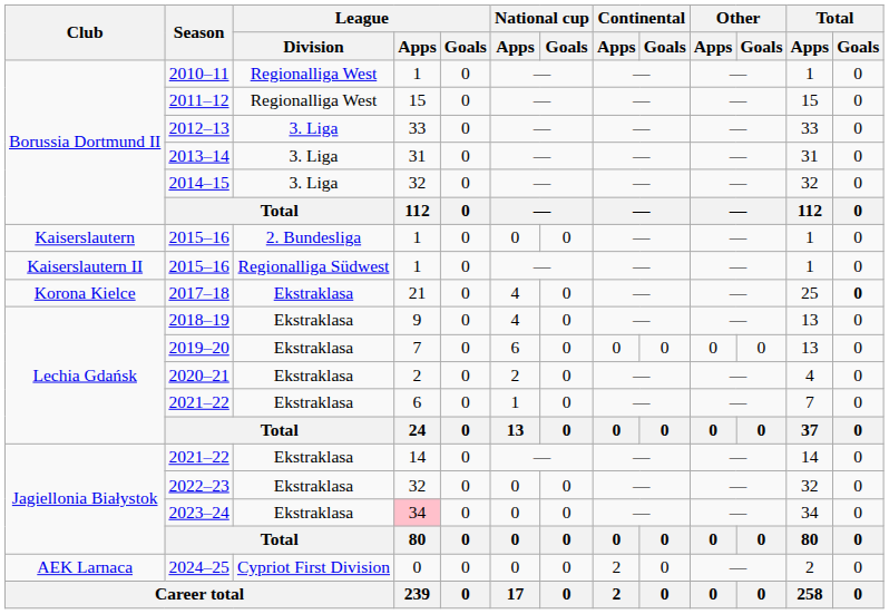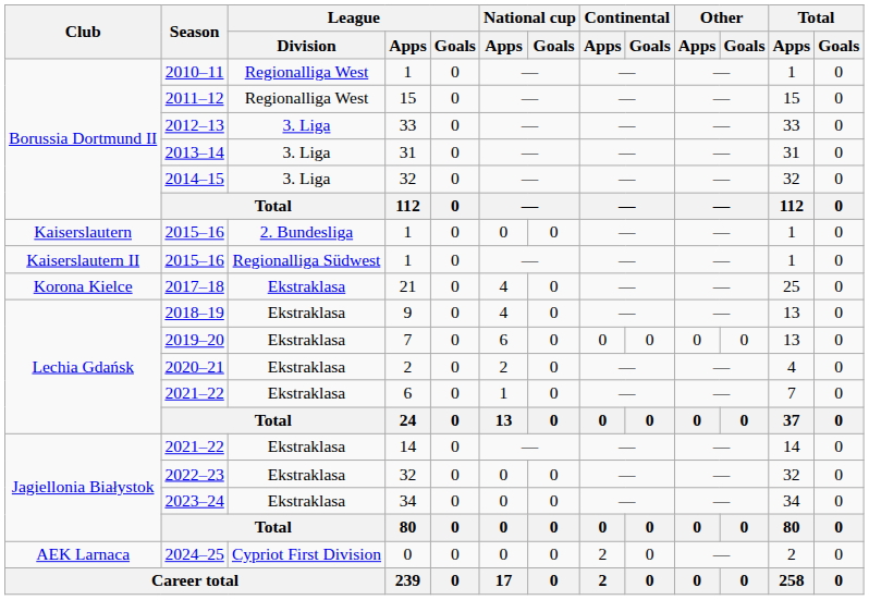 <table class="wikitable" style="text-align: center;">
 <tr>
 <th rowspan=2>Club</th>
 <th rowspan=2>Season</th>
 <th colspan=3>League</th>
 <th colspan=2>National cup</th>
 <th colspan=2>Continental</th>
 <th colspan=2>Other</th>
 <th colspan=2>Total</th>
 </tr>
 <tr>
 <th>Division</th>
 <th>Apps</th>
 <th>Goals</th>
 <th>Apps</th>
 <th>Goals</th>
 <th>Apps</th>
 <th>Goals</th>
 <th>Apps</th>
 <th>Goals</th>
 <th>Apps</th>
 <th>Goals</th>
 </tr>
 <tr>
 <td rowspan="6"><a href='#'>Borussia Dortmund II</a></td>
 <td><a href='#'>2010–11</a></td>
 <td><a href='#'>Regionalliga West</a></td>
 <td>1</td>
 <td>0</td>
 <td colspan="2">—</td>
 <td colspan="2">—</td>
 <td colspan="2">—</td>
 <td>1</td>
 <td>0</td>
 </tr>
 <tr>
 <td><a href='#'>2011–12</a></td>
 <td>Regionalliga West</td>
 <td>15</td>
 <td>0</td>
 <td colspan="2">—</td>
 <td colspan="2">—</td>
 <td colspan="2">—</td>
 <td>15</td>
 <td>0</td>
 </tr>
 <tr>
 <td><a href='#'>2012–13</a></td>
 <td><a href='#'>3. Liga</a></td>
 <td>33</td>
 <td>0</td>
 <td colspan="2">—</td>
 <td colspan="2">—</td>
 <td colspan="2">—</td>
 <td>33</td>
 <td>0</td>
 </tr>
 <tr>
 <td><a href='#'>2013–14</a></td>
 <td>3. Liga</td>
 <td>31</td>
 <td>0</td>
 <td colspan="2">—</td>
 <td colspan="2">—</td>
 <td colspan="2">—</td>
 <td>31</td>
 <td>0</td>
 </tr>
 <tr>
 <td><a href='#'>2014–15</a></td>
 <td>3. Liga</td>
 <td>32</td>
 <td>0</td>
 <td colspan="2">—</td>
 <td colspan="2">—</td>
 <td colspan="2">—</td>
 <td>32</td>
 <td>0</td>
 </tr>
 <tr>
 <th colspan="2">Total</th>
 <th>112</th>
 <th>0</th>
 <th colspan="2">—</th>
 <th colspan="2">—</th>
 <th colspan="2">—</th>
 <th>112</th>
 <th>0</th>
 </tr>
 <tr>
 <td><a href='#'>Kaiserslautern</a></td>
 <td><a href='#'>2015–16</a></td>
 <td><a href='#'>2. Bundesliga</a></td>
 <td>1</td>
 <td>0</td>
 <td>0</td>
 <td>0</td>
 <td colspan="2">—</td>
 <td colspan="2">—</td>
 <td>1</td>
 <td>0</td>
 </tr>
 <tr>
 <td><a href='#'>Kaiserslautern II</a></td>
 <td><a href='#'>2015–16</a></td>
 <td><a href='#'>Regionalliga Südwest</a></td>
 <td>1</td>
 <td>0</td>
 <td colspan="2">—</td>
 <td colspan="2">—</td>
 <td colspan="2">—</td>
 <td>1</td>
 <td>0</td>
 </tr>
 <tr>
 <td><a href='#'>Korona Kielce</a></td>
 <td><a href='#'>2017–18</a></td>
 <td><a href='#'>Ekstraklasa</a></td>
 <td>21</td>
 <td>0</td>
 <td>4</td>
 <td>0</td>
 <td colspan="2">—</td>
 <td colspan="2">—</td>
 <td>25</td>
-<td><strong>0</strong></td>
+<td>0</td>
 </tr>
 <tr>
 <td rowspan="5"><a href='#'>Lechia Gdańsk</a></td>
 <td><a href='#'>2018–19</a></td>
 <td>Ekstraklasa</td>
 <td>9</td>
 <td>0</td>
 <td>4</td>
 <td>0</td>
 <td colspan="2">—</td>
 <td colspan="2">—</td>
 <td>13</td>
 <td>0</td>
 </tr>
 <tr>
 <td><a href='#'>2019–20</a></td>
 <td>Ekstraklasa</td>
 <td>7</td>
 <td>0</td>
 <td>6</td>
 <td>0</td>
 <td>0</td>
 <td>0</td>
 <td>0</td>
 <td>0</td>
 <td>13</td>
 <td>0</td>
 </tr>
 <tr>
 <td><a href='#'>2020–21</a></td>
 <td>Ekstraklasa</td>
 <td>2</td>
 <td>0</td>
 <td>2</td>
 <td>0</td>
 <td colspan="2">—</td>
 <td colspan="2">—</td>
 <td>4</td>
 <td>0</td>
 </tr>
 <tr>
 <td><a href='#'>2021–22</a></td>
 <td>Ekstraklasa</td>
 <td>6</td>
 <td>0</td>
 <td>1</td>
 <td>0</td>
 <td colspan="2">—</td>
 <td colspan="2">—</td>
 <td>7</td>
 <td>0</td>
 </tr>
 <tr>
 <th colspan="2">Total</th>
 <th>24</th>
 <th>0</th>
 <th>13</th>
 <th>0</th>
 <th>0</th>
 <th>0</th>
 <th>0</th>
 <th>0</th>
 <th>37</th>
 <th>0</th>
 </tr>
 <tr>
 <td rowspan="4"><a href='#'>Jagiellonia Białystok</a></td>
 <td><a href='#'>2021–22</a></td>
 <td>Ekstraklasa</td>
 <td>14</td>
 <td>0</td>
 <td colspan="2">—</td>
 <td colspan="2">—</td>
 <td colspan="2">—</td>
 <td>14</td>
 <td>0</td>
 </tr>
 <tr>
 <td><a href='#'>2022–23</a></td>
 <td>Ekstraklasa</td>
 <td>32</td>
 <td>0</td>
 <td>0</td>
 <td>0</td>
 <td colspan="2">—</td>
 <td colspan="2">—</td>
 <td>32</td>
 <td>0</td>
 </tr>
 <tr>
 <td><a href='#'>2023–24</a></td>
 <td>Ekstraklasa</td>
-<td style="background: pink;">34</td>
+<td>34</td>
 <td>0</td>
 <td>0</td>
 <td>0</td>
 <td colspan="2">—</td>
 <td colspan="2">—</td>
 <td>34</td>
 <td>0</td>
 </tr>
 <tr>
 <th colspan="2">Total</th>
 <th>80</th>
 <th>0</th>
 <th>0</th>
 <th>0</th>
 <th>0</th>
 <th>0</th>
 <th>0</th>
 <th>0</th>
 <th>80</th>
 <th>0</th>
 </tr>
 <tr>
 <td><a href='#'>AEK Larnaca</a></td>
 <td><a href='#'>2024–25</a></td>
 <td><a href='#'>Cypriot First Division</a></td>
 <td>0</td>
 <td>0</td>
 <td>0</td>
 <td>0</td>
 <td>2</td>
 <td>0</td>
 <td colspan="2">—</td>
 <td>2</td>
 <td>0</td>
 </tr>
 <tr>
 <th colspan="3">Career total</th>
 <th>239</th>
 <th>0</th>
 <th>17</th>
 <th>0</th>
 <th>2</th>
 <th>0</th>
 <th>0</th>
 <th>0</th>
 <th>258</th>
 <th>0</th>
 </tr>
 </table>
